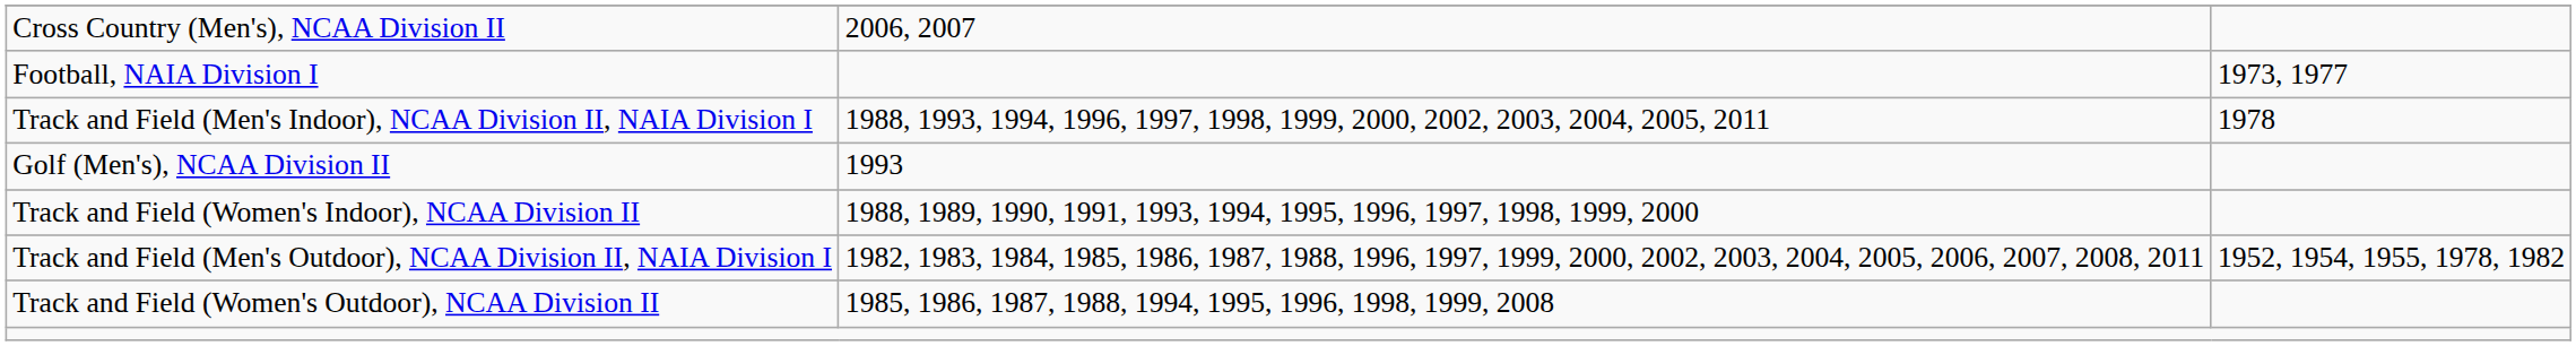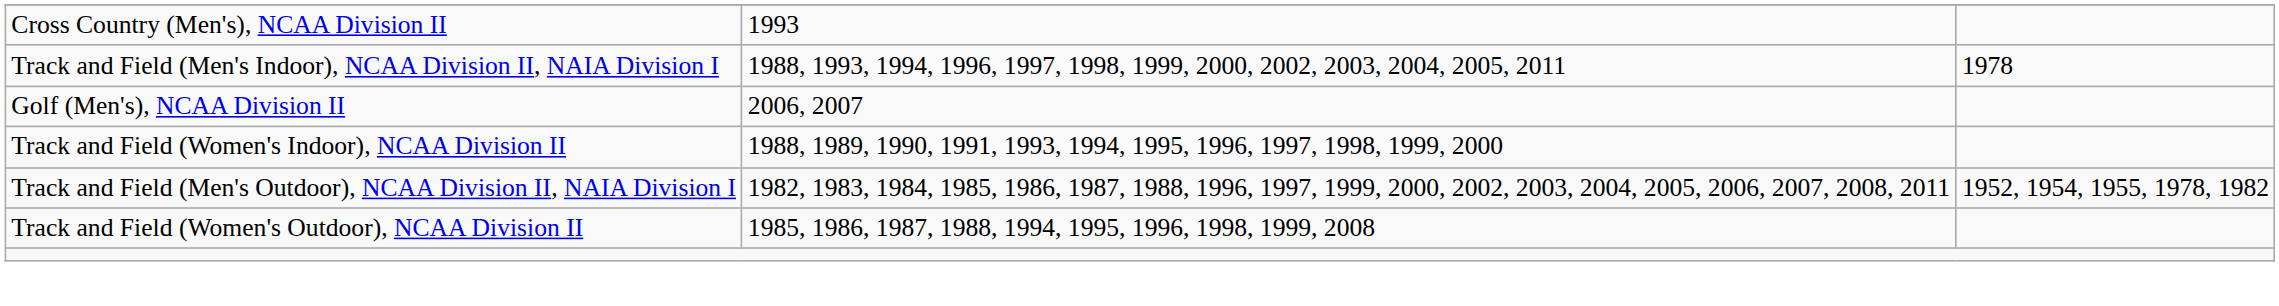 <table class="wikitable" style="float:center; clear:center; margin:0 0 1em 1em;">
 <tr>
 </tr>
 <tr>
 <td>Cross Country (Men's), <a href='#'>NCAA Division II</a></td>
-<td>2006, 2007</td>
+<td>1993</td>
 <td></td>
-</tr>
-<tr>
-<td>Football, <a href='#'>NAIA Division I</a></td>
-<td></td>
-<td>1973, 1977</td>
 </tr>
 <tr>
 <td>Track and Field (Men's Indoor), <a href='#'>NCAA Division II</a>, <a href='#'>NAIA Division I</a></td>
 <td>1988, 1993, 1994, 1996, 1997, 1998, 1999, 2000, 2002, 2003, 2004, 2005, 2011</td>
 <td>1978</td>
 </tr>
 <tr>
 <td>Golf (Men's), <a href='#'>NCAA Division II</a></td>
-<td>1993</td>
+<td>2006, 2007</td>
 <td></td>
 </tr>
 <tr>
 <td>Track and Field (Women's Indoor), <a href='#'>NCAA Division II</a></td>
 <td>1988, 1989, 1990, 1991, 1993, 1994, 1995, 1996, 1997, 1998, 1999, 2000</td>
 <td></td>
 </tr>
 <tr>
 <td>Track and Field (Men's Outdoor), <a href='#'>NCAA Division II</a>, <a href='#'>NAIA Division I</a></td>
 <td>1982, 1983, 1984, 1985, 1986, 1987, 1988, 1996, 1997, 1999, 2000, 2002, 2003, 2004, 2005, 2006, 2007, 2008, 2011</td>
 <td>1952, 1954, 1955, 1978, 1982</td>
 </tr>
 <tr>
 <td>Track and Field (Women's Outdoor), <a href='#'>NCAA Division II</a></td>
 <td>1985, 1986, 1987, 1988, 1994, 1995, 1996, 1998, 1999, 2008</td>
 <td></td>
 </tr>
 <tr>
 <td colspan="3"></td>
 </tr>
 </table>
